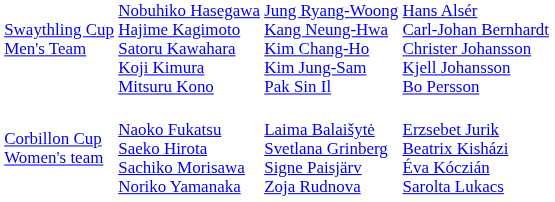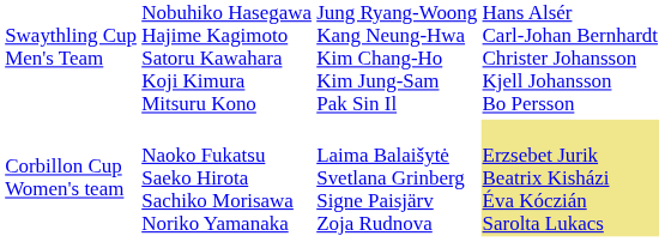 <table>
 <tr>
 <td><a href='#'>Swaythling Cup<br>Men's Team</a></td>
 <td><br><a href='#'>Nobuhiko Hasegawa</a><br><a href='#'>Hajime Kagimoto</a><br><a href='#'>Satoru Kawahara</a><br><a href='#'>Koji Kimura</a><br><a href='#'>Mitsuru Kono</a></td>
 <td><br><a href='#'>Jung Ryang-Woong</a><br><a href='#'>Kang Neung-Hwa</a><br><a href='#'>Kim Chang-Ho</a><br><a href='#'>Kim Jung-Sam</a><br><a href='#'>Pak Sin Il</a></td>
 <td><br><a href='#'>Hans Alsér</a><br><a href='#'>Carl-Johan Bernhardt</a><br><a href='#'>Christer Johansson</a><br><a href='#'>Kjell Johansson</a><br><a href='#'>Bo Persson</a></td>
 </tr>
 <tr>
 <td><a href='#'>Corbillon Cup<br>Women's team</a></td>
 <td><br><a href='#'>Naoko Fukatsu</a><br><a href='#'>Saeko Hirota</a><br><a href='#'>Sachiko Morisawa</a><br><a href='#'>Noriko Yamanaka</a></td>
 <td><br><a href='#'>Laima Balaišytė</a><br><a href='#'>Svetlana Grinberg</a><br><a href='#'>Signe Paisjärv</a><br><a href='#'>Zoja Rudnova</a></td>
-<td><br><a href='#'>Erzsebet Jurik</a><br><a href='#'>Beatrix Kisházi</a><br><a href='#'>Éva Kóczián</a><br><a href='#'>Sarolta Lukacs</a></td>
+<td style="background: khaki;"><br><a href='#'>Erzsebet Jurik</a><br><a href='#'>Beatrix Kisházi</a><br><a href='#'>Éva Kóczián</a><br><a href='#'>Sarolta Lukacs</a></td>
 </tr>
 </table>
